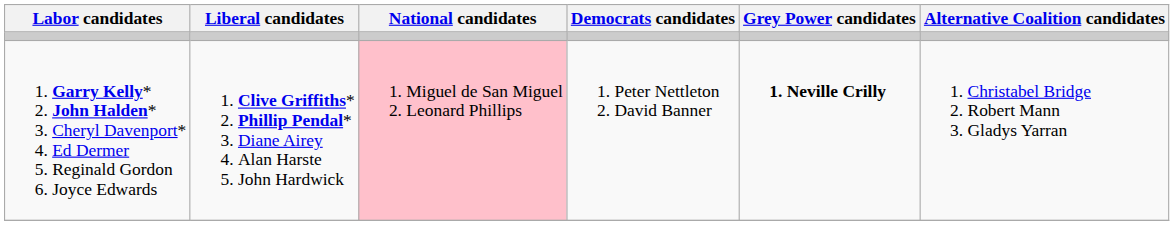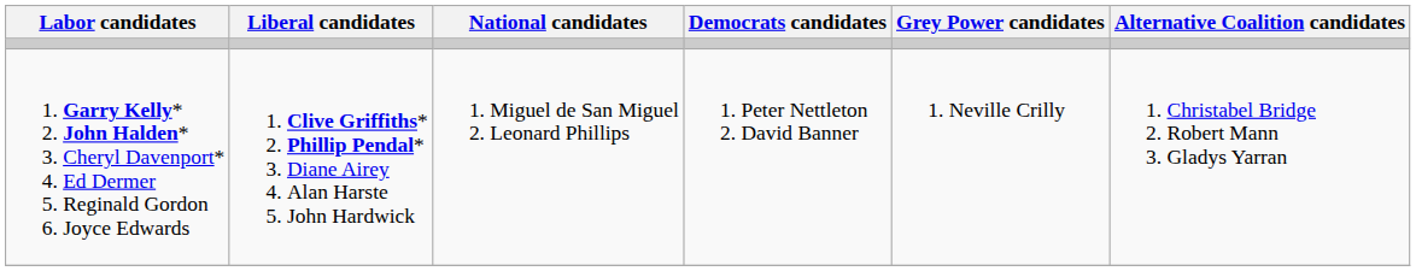 <table class="wikitable">
 <tr>
 <th><a href='#'>Labor</a> candidates</th>
 <th><a href='#'>Liberal</a> candidates</th>
 <th><a href='#'>National</a> candidates</th>
 <th><a href='#'>Democrats</a> candidates</th>
 <th><a href='#'>Grey Power</a> candidates</th>
 <th><a href='#'>Alternative Coalition</a> candidates</th>
 </tr>
 <tr bgcolor="#cccccc">
 <td></td>
 <td></td>
 <td></td>
 <td></td>
 <td></td>
 <td></td>
 </tr>
 <tr>
 <td><br><ol><li><strong><a href='#'>Garry Kelly</a></strong>*</li><li><strong><a href='#'>John Halden</a></strong>*</li><li><a href='#'>Cheryl Davenport</a>*</li><li><a href='#'>Ed Dermer</a></li><li>Reginald Gordon</li><li>Joyce Edwards</li></ol></td>
 <td><br><ol><li><strong><a href='#'>Clive Griffiths</a></strong>*</li><li><strong><a href='#'>Phillip Pendal</a></strong>*</li><li><a href='#'>Diane Airey</a></li><li>Alan Harste</li><li>John Hardwick</li></ol></td>
-<td valign=top style="background: pink;"><br><ol><li>Miguel de San Miguel</li><li>Leonard Phillips</li></ol></td>
+<td valign=top><br><ol><li>Miguel de San Miguel</li><li>Leonard Phillips</li></ol></td>
 <td valign=top><br><ol><li>Peter Nettleton</li><li>David Banner</li></ol></td>
-<td valign=top><strong><br><ol><li>Neville Crilly</li></ol></strong></td>
+<td valign=top><br><ol><li>Neville Crilly</li></ol></td>
 <td valign=top><br><ol><li><a href='#'>Christabel Bridge</a></li><li>Robert Mann</li><li>Gladys Yarran</li></ol></td>
 </tr>
 <tr>
 </tr>
 </table>
